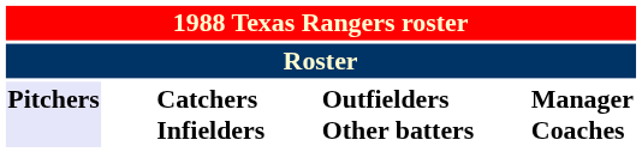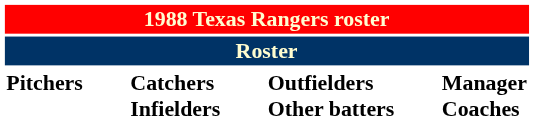 <table class="toccolours" style="font-size: 95%;">
 <tr>
 <th colspan="10" style="background-color: red; color: #FFFDD0; text-align: center;">1988 Texas Rangers roster</th>
 </tr>
 <tr>
 <td colspan="10" style="background-color: #003366; color: #FFFDD0; text-align: center;"><strong>Roster</strong></td>
 </tr>
 <tr>
-<td valign="top" style="background: lavender;"><strong>Pitchers</strong><br>                   </td>
+<td valign="top"><strong>Pitchers</strong><br>                   </td>
 <td width="25px"></td>
 <td valign="top"><strong>Catchers</strong><br>     <strong>Infielders</strong>      </td>
 <td width="25px"></td>
 <td valign="top"><strong>Outfielders</strong><br>         <strong>Other batters</strong> </td>
 <td width="25px"></td>
 <td valign="top"><strong>Manager</strong><br> <strong>Coaches</strong>      </td>
 </tr>
 <tr>
 </tr>
 </table>
